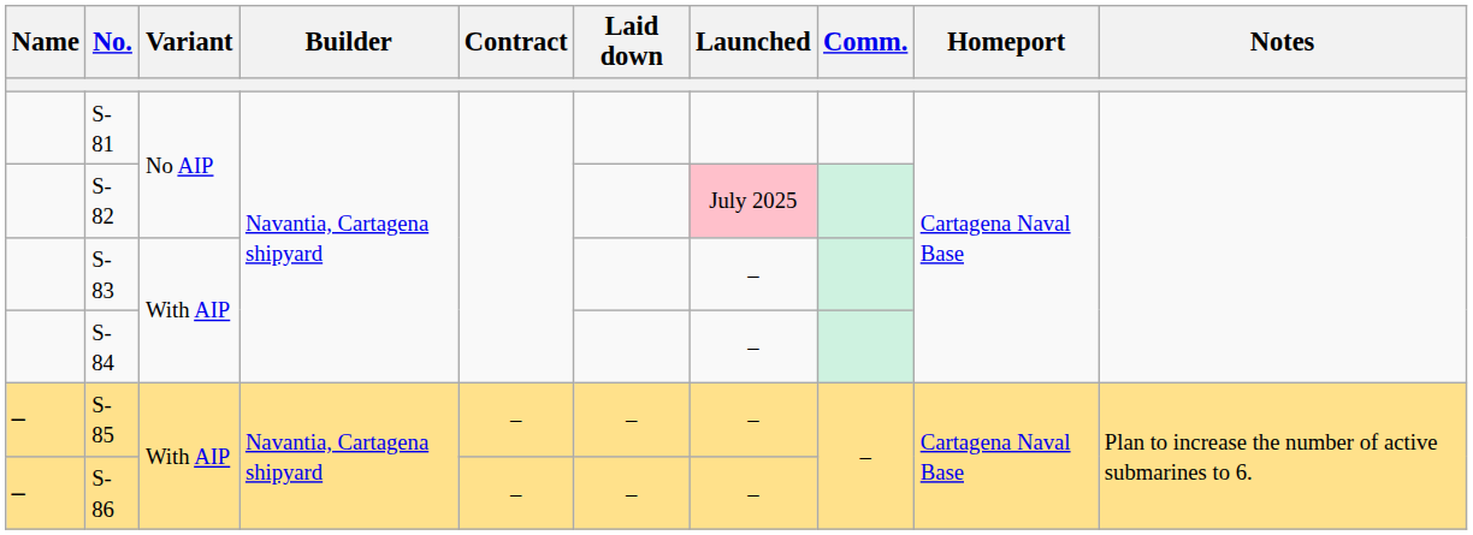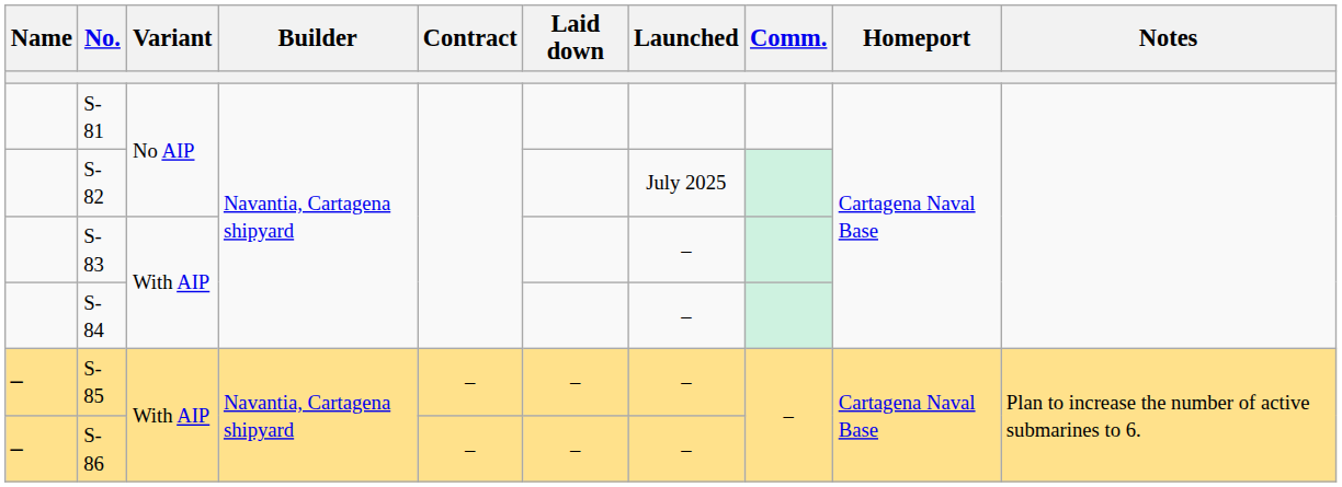 <table class="sortable wikitable" border="1">
 <tr>
 <th>Name</th>
 <th><a href='#'>No.</a></th>
 <th>Variant</th>
 <th>Builder</th>
 <th>Contract</th>
 <th>Laid down</th>
 <th>Launched</th>
 <th><a href='#'>Comm.</a></th>
 <th>Homeport</th>
 <th>Notes</th>
 </tr>
 <tr>
 <th colspan="10"></th>
 </tr>
 <tr>
 <td><strong></strong></td>
 <td><small>S-81</small></td>
 <td rowspan="2"><small>No <a href='#'>AIP</a></small></td>
 <td rowspan="4"><a href='#'><small>Navantia, Cartagena shipyard</small></a></td>
 <td rowspan="4"><small></small></td>
 <td><small></small></td>
 <td><small></small></td>
 <td><small></small></td>
 <td rowspan="4"><a href='#'><small>Cartagena Naval Base</small></a></td>
 <td rowspan="4"></td>
 </tr>
 <tr>
 <td><strong></strong></td>
 <td><small>S-82</small></td>
 <td><small></small></td>
-<td style="background: pink; text-align: center"><small>July 2025</small></td>
+<td style="text-align: center"><small>July 2025</small></td>
 <td style="background: #CEF2E0"><small></small></td>
 </tr>
 <tr>
 <td><strong></strong></td>
 <td><small>S-83</small></td>
 <td rowspan="2"><small>With <a href='#'>AIP</a></small></td>
 <td><small></small></td>
 <td style="text-align: center"><small>–</small></td>
 <td style="background: #CEF2E0"><small></small></td>
 </tr>
 <tr>
 <td><strong></strong></td>
 <td><small>S-84</small></td>
 <td><small></small></td>
 <td style="text-align: center"><small>–</small></td>
 <td style="background: #CEF2E0"><small></small></td>
 </tr>
 <tr>
 <td style="background: #FFE18B"><strong><em>–</em></strong></td>
 <td style="background: #FFE18B;"><small>S-85</small></td>
 <td rowspan="2" style="background: #FFE18B;"><small>With <a href='#'>AIP</a></small></td>
 <td rowspan="2" style="background: #FFE18B;"><a href='#'><small>Navantia, Cartagena shipyard</small></a></td>
 <td style="background: #FFE18B;text-align: center"><small>–</small></td>
 <td style="background: #FFE18B;text-align: center"><small>–</small></td>
 <td style="background: #FFE18B;text-align: center"><small>–</small></td>
 <td rowspan="2" style="background: #FFE18B;text-align: center"><small>–</small></td>
 <td rowspan="2" style="background: #FFE18B"><a href='#'><small>Cartagena Naval Base</small></a></td>
 <td rowspan="2" style="background: #FFE18B"><small>Plan to increase the number of active submarines to 6.</small></td>
 </tr>
 <tr>
 <td style="background: #FFE18B"><strong><em>–</em></strong></td>
 <td style="background: #FFE18B"><small>S-86</small></td>
 <td style="background: #FFE18B;text-align: center"><small>–</small></td>
 <td style="background: #FFE18B;text-align: center"><small>–</small></td>
 <td style="background: #FFE18B;text-align: center"><small>–</small></td>
 </tr>
 </table>
